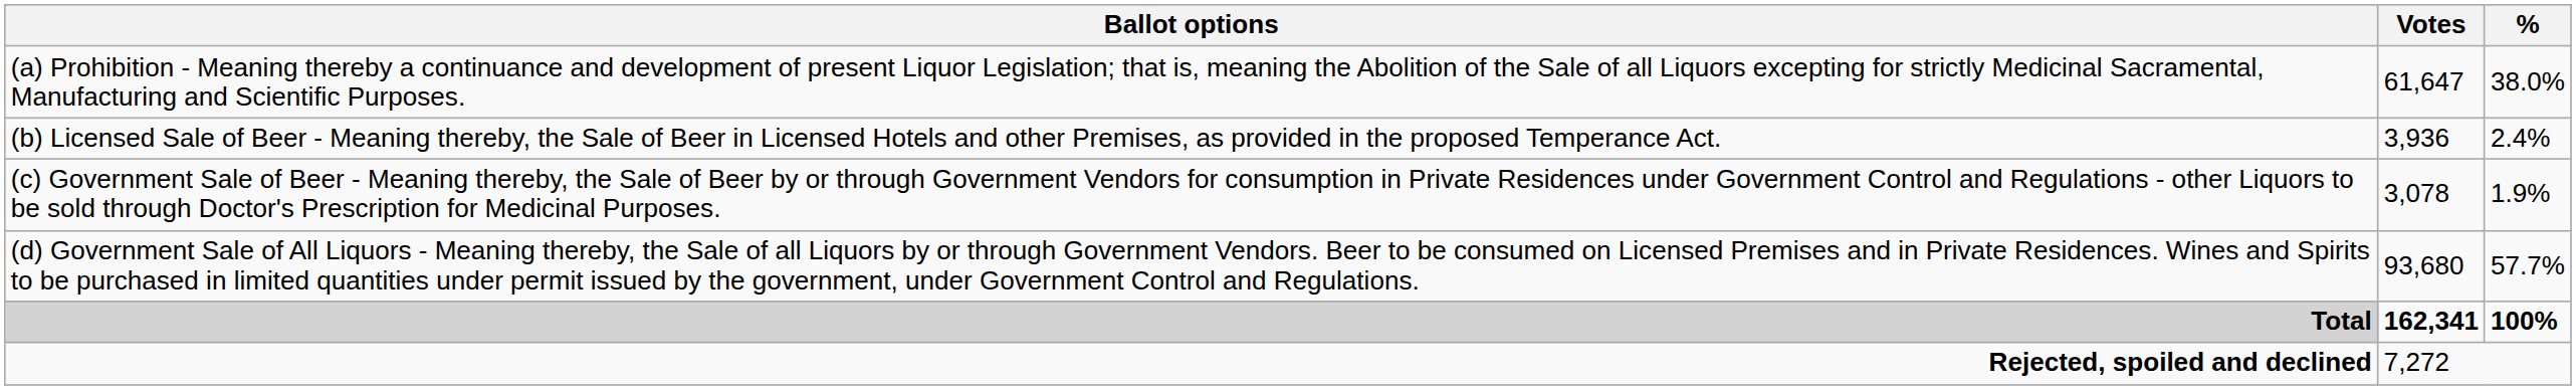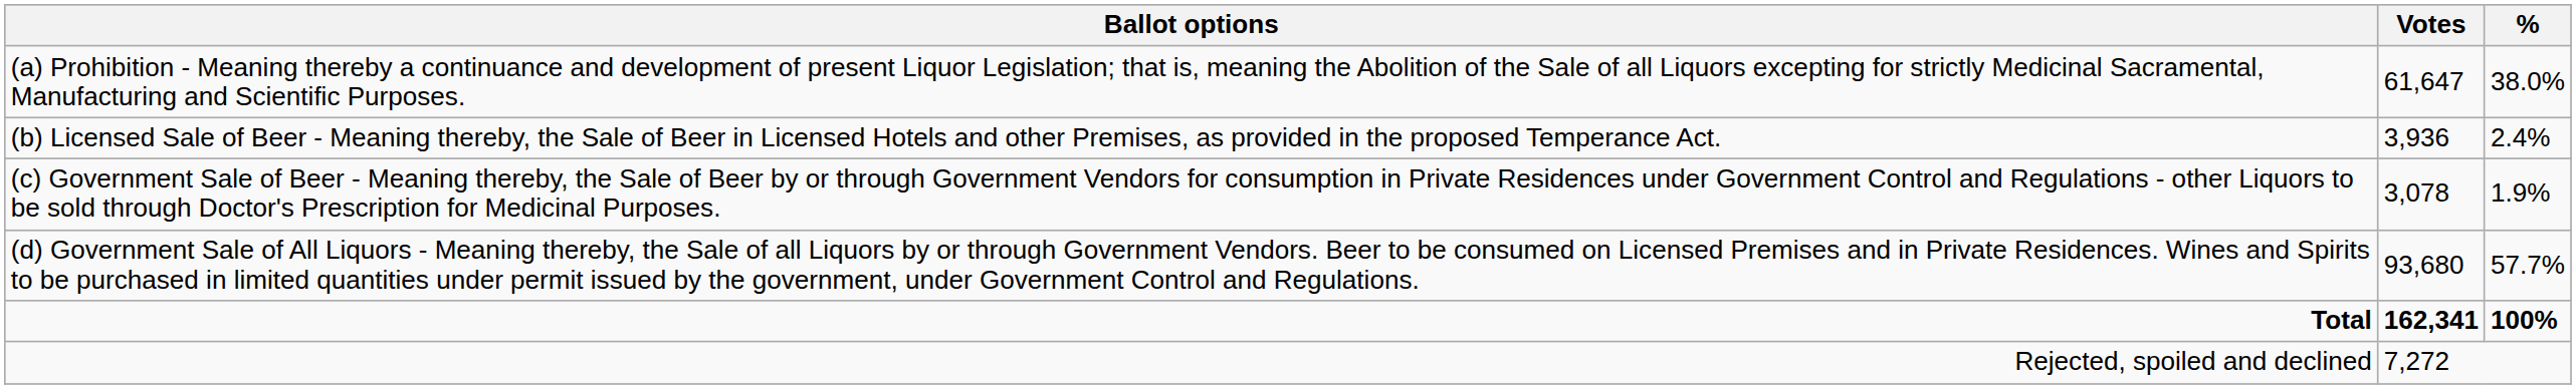 <table class="wikitable">
 <tr>
 <th>Ballot options</th>
 <th>Votes</th>
 <th>%</th>
 </tr>
 <tr>
 <td>(a) Prohibition - Meaning thereby a continuance and development of present Liquor Legislation; that is, meaning the Abolition of the Sale of all Liquors excepting for strictly Medicinal Sacramental, Manufacturing and Scientific Purposes.</td>
 <td>61,647</td>
 <td>38.0%</td>
 </tr>
 <tr>
 <td>(b) Licensed Sale of Beer - Meaning thereby, the Sale of Beer in Licensed Hotels and other Premises, as provided in the proposed Temperance Act.</td>
 <td>3,936</td>
 <td>2.4%</td>
 </tr>
 <tr>
 <td>(c) Government Sale of Beer - Meaning thereby, the Sale of Beer by or through Government Vendors for consumption in Private Residences under Government Control and Regulations - other Liquors to be sold through Doctor's Prescription for Medicinal Purposes.</td>
 <td>3,078</td>
 <td>1.9%</td>
 </tr>
 <tr>
 <td>(d) Government Sale of All Liquors - Meaning thereby, the Sale of all Liquors by or through Government Vendors. Beer to be consumed on Licensed Premises and in Private Residences. Wines and Spirits to be purchased in limited quantities under permit issued by the government, under Government Control and Regulations.</td>
 <td>93,680</td>
 <td>57.7%</td>
 </tr>
 <tr>
-<td align=right style="background: lightgrey;"><strong>Total</strong></td>
+<td align=right><strong>Total</strong></td>
 <td><strong>162,341</strong></td>
 <td><strong>100%</strong></td>
 </tr>
 <tr>
-<td align=right><strong>Rejected, spoiled and declined</strong></td>
+<td align=right>Rejected, spoiled and declined</td>
 <td colspan=2>7,272</td>
 </tr>
 </table>
